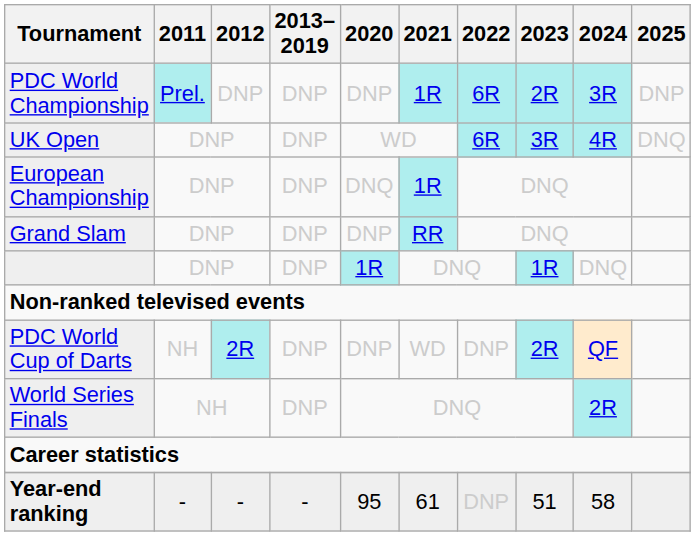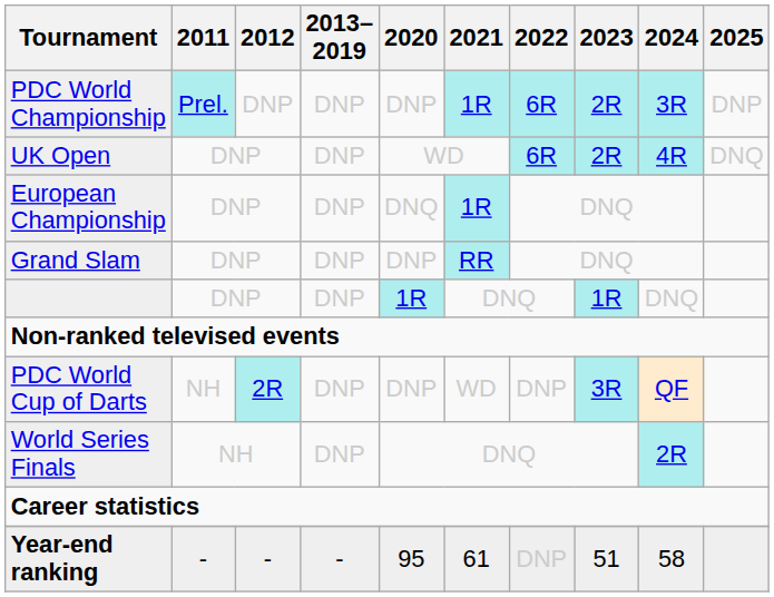 <table class="wikitable" style="width:50%; margin:0">
 <tr>
 <th>Tournament</th>
 <th>2011</th>
 <th>2012</th>
 <th>2013–2019</th>
 <th>2020</th>
 <th>2021</th>
 <th>2022</th>
 <th>2023</th>
 <th>2024</th>
 <th>2025</th>
 </tr>
 <tr>
 <td style="background:#efefef;"><a href='#'>PDC World Championship</a></td>
 <td style="text-align:center; background:#afeeee;"><a href='#'>Prel.</a></td>
 <td style="text-align:center; color:#ccc;">DNP</td>
 <td style="text-align:center; color:#ccc;">DNP</td>
 <td style="text-align:center; color:#ccc;">DNP</td>
 <td style="text-align:center; background:#afeeee;"><a href='#'>1R</a></td>
 <td style="text-align:center; background:#afeeee;"><a href='#'>6R</a></td>
 <td style="text-align:center; background:#afeeee;"><a href='#'>2R</a></td>
 <td style="text-align:center; background:#afeeee;"><a href='#'>3R</a></td>
 <td style="text-align:center; color:#ccc;">DNP</td>
 </tr>
 <tr>
 <td style="background:#efefef;"><a href='#'>UK Open</a></td>
 <td colspan="2" style="text-align:center; color:#ccc;">DNP</td>
 <td style="text-align:center; color:#ccc;">DNP</td>
 <td colspan="2" style="text-align:center; color:#ccc;">WD</td>
 <td style="text-align:center; background:#afeeee;"><a href='#'>6R</a></td>
-<td style="text-align:center; background:#afeeee;"><a href='#'>3R</a></td>
+<td style="text-align:center; background:#afeeee;"><a href='#'>2R</a></td>
 <td style="text-align:center; background:#afeeee;"><a href='#'>4R</a></td>
 <td style="text-align:center; color:#ccc;">DNQ</td>
 </tr>
 <tr>
 <td style="background:#efefef;"><a href='#'>European Championship</a></td>
 <td colspan="2" style="text-align:center; color:#ccc;">DNP</td>
 <td style="text-align:center; color:#ccc;">DNP</td>
 <td style="text-align:center; color:#ccc;">DNQ</td>
 <td style="text-align:center; background:#afeeee;"><a href='#'>1R</a></td>
 <td colspan="3" style="text-align:center; color:#ccc;">DNQ</td>
 <td></td>
 </tr>
 <tr>
 <td style="background:#efefef;"><a href='#'>Grand Slam</a></td>
 <td colspan="2" style="text-align:center; color:#ccc;">DNP</td>
 <td style="text-align:center; color:#ccc;">DNP</td>
 <td style="text-align:center; color:#ccc;">DNP</td>
 <td style="text-align:center; background:#afeeee;"><a href='#'>RR</a></td>
 <td colspan="3" style="text-align:center; color:#ccc;">DNQ</td>
 <td></td>
 </tr>
 <tr>
 <td style="background:#efefef;"></td>
 <td colspan="2" style="text-align:center; color:#ccc;">DNP</td>
 <td style="text-align:center; color:#ccc;">DNP</td>
 <td style="text-align:center; background:#afeeee;"><a href='#'>1R</a></td>
 <td colspan="2" style="text-align:center; color:#ccc;">DNQ</td>
 <td style="text-align:center; background:#afeeee;"><a href='#'>1R</a></td>
 <td style="text-align:center; color:#ccc;">DNQ</td>
 <td></td>
 </tr>
 <tr>
 <td colspan="21" align="left"><strong>Non-ranked televised events</strong></td>
 </tr>
 <tr>
 <td style="background:#efefef;"><a href='#'>PDC World Cup of Darts</a></td>
 <td style="text-align:center; color:#ccc;">NH</td>
 <td style="text-align:center; background:#afeeee;"><a href='#'>2R</a></td>
 <td style="text-align:center; color:#ccc;">DNP</td>
 <td style="text-align:center; color:#ccc;">DNP</td>
 <td style="text-align:center; color:#ccc;">WD</td>
 <td style="text-align:center; color:#ccc;">DNP</td>
-<td style="text-align:center; background:#afeeee;"><a href='#'>2R</a></td>
+<td style="text-align:center; background:#afeeee;"><a href='#'>3R</a></td>
 <td style="text-align:center; background:#ffebcd;"><a href='#'>QF</a></td>
 <td></td>
 </tr>
 <tr>
 <td style="background:#efefef;"><a href='#'>World Series Finals</a></td>
 <td colspan="2" style="text-align:center; color:#ccc;">NH</td>
 <td style="text-align:center; color:#ccc;">DNP</td>
 <td colspan="4" style="text-align:center; color:#ccc;">DNQ</td>
 <td style="text-align:center; background:#afeeee;"><a href='#'>2R</a></td>
 <td></td>
 </tr>
 <tr>
 <td colspan="14" align="left"><strong>Career statistics</strong></td>
 </tr>
 <tr>
 </tr>
 <tr bgcolor="efefef">
 <td align="left"><strong>Year-end ranking</strong></td>
 <td style="text-align:center;">-</td>
 <td style="text-align:center;">-</td>
 <td style="text-align:center;">-</td>
 <td style="text-align:center;">95</td>
 <td style="text-align:center;">61</td>
 <td style="text-align:center; color:#ccc;">DNP</td>
 <td style="text-align:center;">51</td>
 <td style="text-align:center;">58</td>
 <td></td>
 </tr>
 </table>
